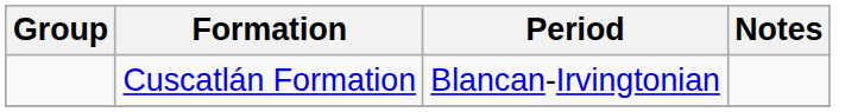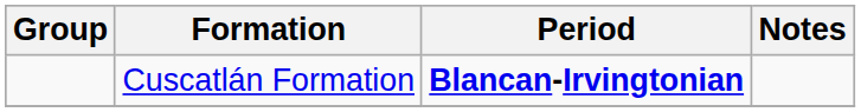 <table class="wikitable sortable">
 <tr>
 <th>Group</th>
 <th>Formation</th>
 <th>Period</th>
 <th class="unsortable">Notes</th>
 </tr>
 <tr>
 <td></td>
 <td><a href='#'>Cuscatlán Formation</a></td>
-<td style="background-color: "><a href='#'>Blancan</a>-<a href='#'>Irvingtonian</a></td>
+<td style="background-color: "><strong><a href='#'>Blancan</a>-<a href='#'>Irvingtonian</a></strong></td>
 <td align=center></td>
 </tr>
 <tr>
 </tr>
 </table>
